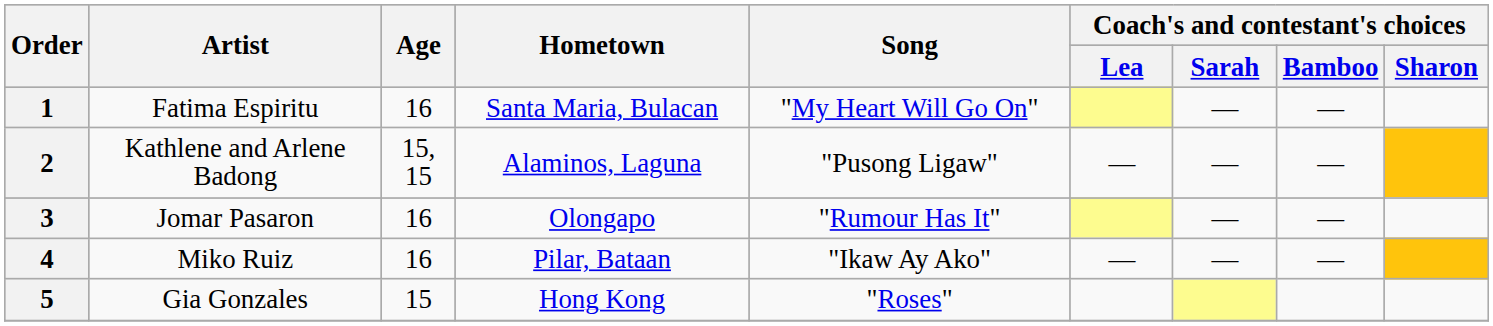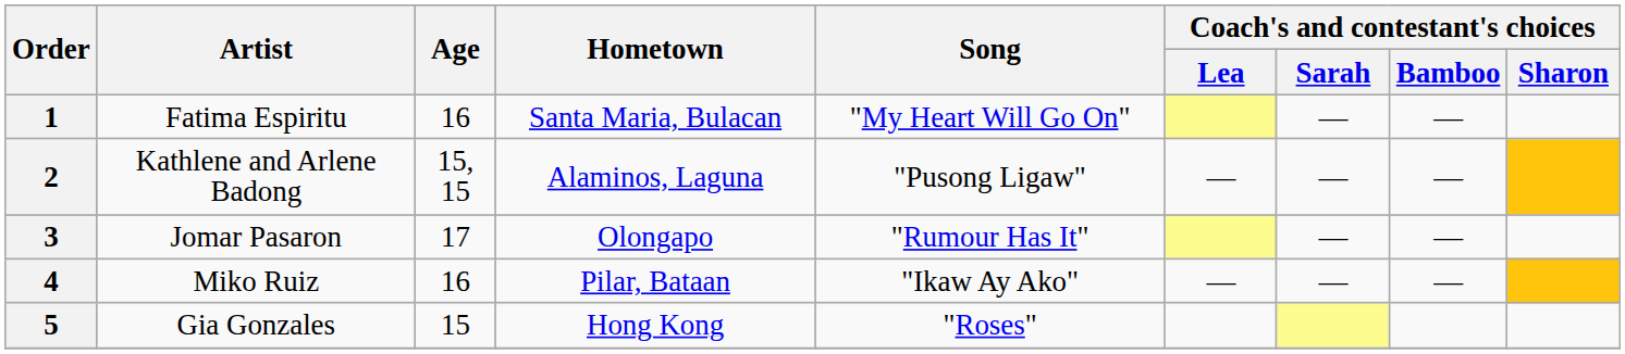 <table class="wikitable" style="text-align:center; line-height:17px;width:100%;">
 <tr>
 <th scope="col" rowspan="2" width="05%">Order</th>
 <th scope="col" rowspan="2" width="20%">Artist</th>
 <th scope="col" rowspan="2" width="05%">Age</th>
 <th scope="col" rowspan="2" width="20%">Hometown</th>
 <th scope="col" rowspan="2" width="22%">Song</th>
 <th scope="col" colspan="4" width="28%">Coach's and contestant's choices</th>
 </tr>
 <tr>
 <th width="07%"><a href='#'>Lea</a></th>
 <th width="07%"><a href='#'>Sarah</a></th>
 <th width="07%"><a href='#'>Bamboo</a></th>
 <th width="07%"><a href='#'>Sharon</a></th>
 </tr>
 <tr>
 <th>1</th>
 <td>Fatima Espiritu</td>
 <td>16</td>
 <td><a href='#'>Santa Maria, Bulacan</a></td>
 <td>"<a href='#'>My Heart Will Go On</a>"</td>
 <td style="background:#fdfc8f;"><strong></strong></td>
 <td>—</td>
 <td>—</td>
 <td><strong></strong></td>
 </tr>
 <tr>
 <th>2</th>
 <td>Kathlene and Arlene Badong</td>
 <td>15, 15</td>
 <td><a href='#'>Alaminos, Laguna</a></td>
 <td>"Pusong Ligaw"</td>
 <td>—</td>
 <td>—</td>
 <td>—</td>
 <td style="background:#FFC40C;"><strong></strong></td>
 </tr>
 <tr>
 <th>3</th>
 <td>Jomar Pasaron</td>
-<td>16</td>
+<td>17</td>
 <td><a href='#'>Olongapo</a></td>
 <td>"<a href='#'>Rumour Has It</a>"</td>
 <td style="background:#fdfc8f;"><strong></strong></td>
 <td>—</td>
 <td>—</td>
 <td><strong></strong></td>
 </tr>
 <tr>
 <th>4</th>
 <td>Miko Ruiz</td>
 <td>16</td>
 <td><a href='#'>Pilar, Bataan</a></td>
 <td>"Ikaw Ay Ako"</td>
 <td>—</td>
 <td>—</td>
 <td>—</td>
 <td style="background:#FFC40C;"><strong></strong></td>
 </tr>
 <tr>
 <th>5</th>
 <td>Gia Gonzales</td>
 <td>15</td>
 <td><a href='#'>Hong Kong</a></td>
 <td>"<a href='#'>Roses</a>"</td>
 <td><strong></strong></td>
 <td style="background:#fdfc8f;"><strong></strong></td>
 <td><strong></strong></td>
 <td><strong></strong></td>
 </tr>
 <tr>
 </tr>
 </table>
